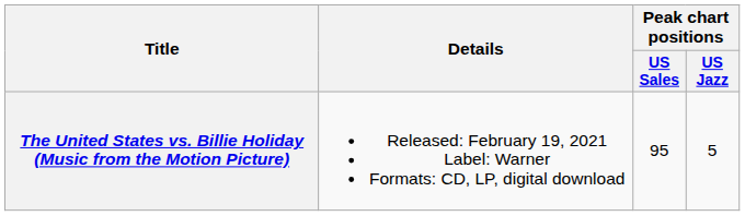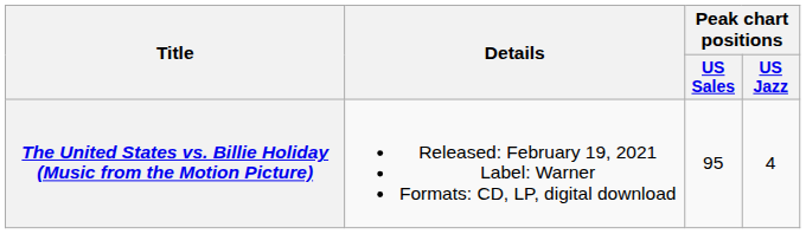 <table class="wikitable plainrowheaders" style="text-align:center;" border="1">
 <tr>
 <th scope="col" rowspan="2" style="width:18em;">Title</th>
 <th scope="col" rowspan="2" style="width:18em;">Details</th>
 <th scope="col" colspan="2">Peak chart positions</th>
 </tr>
 <tr>
 <th scope="col" style="width:3em;font-size:90%;"><a href='#'>US<br>Sales</a><br></th>
 <th scope="col" style="width:3em;font-size:90%;"><a href='#'>US<br>Jazz</a><br></th>
 </tr>
 <tr>
 <th scope="row"><em><a href='#'>The United States vs. Billie Holiday (Music from the Motion Picture)</a></em></th>
 <td><br><ul><li>Released: February 19, 2021</li><li>Label: Warner</li><li>Formats: CD, LP, digital download</li></ul></td>
 <td>95</td>
-<td>5</td>
+<td>4</td>
 </tr>
 </table>
